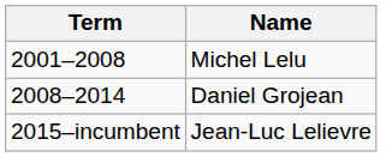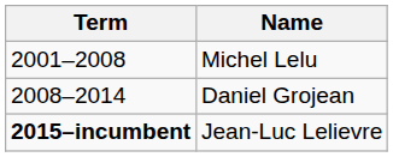 <table class="wikitable">
 <tr>
 <th>Term</th>
 <th>Name</th>
 </tr>
 <tr>
 <td>2001–2008</td>
 <td>Michel Lelu</td>
 </tr>
 <tr>
 <td>2008–2014</td>
 <td>Daniel Grojean</td>
 </tr>
 <tr>
-<td>2015–incumbent</td>
+<td><strong>2015–incumbent</strong></td>
 <td>Jean-Luc Lelievre</td>
 </tr>
 </table>
